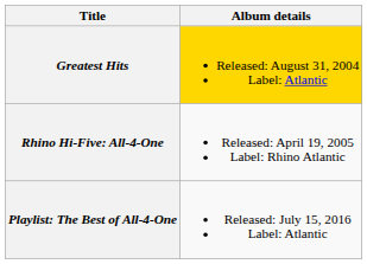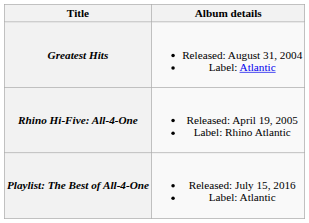 <table class="wikitable plainrowheaders" style="text-align:center;">
 <tr>
 <th scope="col">Title</th>
 <th scope="col">Album details</th>
 </tr>
 <tr>
 <th scope="row"><em>Greatest Hits</em></th>
-<td style="background: gold;"><br><ul><li>Released: August 31, 2004</li><li>Label: <a href='#'>Atlantic</a></li></ul></td>
+<td><br><ul><li>Released: August 31, 2004</li><li>Label: <a href='#'>Atlantic</a></li></ul></td>
 </tr>
 <tr>
 <th scope="row"><em>Rhino Hi-Five: All-4-One</em></th>
 <td><br><ul><li>Released: April 19, 2005</li><li>Label: Rhino Atlantic</li></ul></td>
 </tr>
 <tr>
 <th scope="row"><em>Playlist: The Best of All-4-One</em></th>
 <td><br><ul><li>Released: July 15, 2016</li><li>Label: Atlantic</li></ul></td>
 </tr>
 </table>
